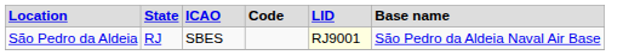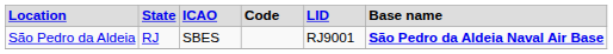 <table class="wikitable sortable">
 <tr valign=baseline style="font-weight:bold; background-color: #DDDDDD;">
 <td><a href='#'>Location</a></td>
 <td><a href='#'>State</a></td>
 <td style="width:4em;"><a href='#'>ICAO</a></td>
 <td style="width:4em;">Code</td>
 <td style="width:4em;"><a href='#'>LID</a></td>
 <td>Base name</td>
 </tr>
 <tr valign=top>
 <td><a href='#'>São Pedro da Aldeia</a></td>
 <td><a href='#'>RJ</a></td>
 <td>SBES</td>
 <td></td>
-<td style="background: lightyellow;">RJ9001</td>
-<td><a href='#'>São Pedro da Aldeia Naval Air Base</a></td>
+<td>RJ9001</td>
+<td><strong><a href='#'>São Pedro da Aldeia Naval Air Base</a></strong></td>
 </tr>
 <tr valign=top>
 </tr>
 </table>
